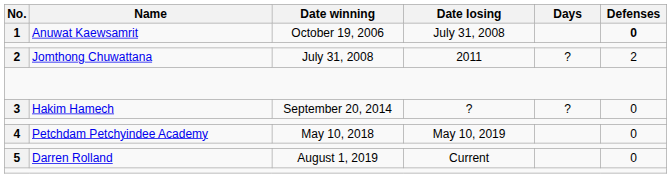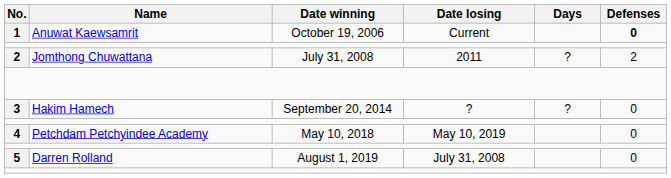 <table class="wikitable" width=100%>
 <tr>
 <th style="width:1%;">No.</th>
 <th style="width:37%;">Name</th>
 <th style="width:20%;">Date winning</th>
 <th style="width:20%;">Date losing</th>
 <th data-sort-type="number" style="width:10%;">Days</th>
 <th data-sort-type="number" style="width:10%;">Defenses</th>
 </tr>
 <tr align=center>
 <th>1</th>
 <td align=left> <a href='#'>Anuwat Kaewsamrit</a></td>
 <td>October 19, 2006</td>
-<td>July 31, 2008</td>
+<td>Current</td>
 <td></td>
 <td><strong>0</strong></td>
 </tr>
 <tr>
 <td colspan="6"></td>
 </tr>
 <tr align=center>
 <th>2</th>
 <td align=left> <a href='#'>Jomthong Chuwattana</a></td>
 <td>July 31, 2008</td>
 <td>2011</td>
 <td>?</td>
 <td>2</td>
 </tr>
 <tr>
 <td colspan="6"><br><br></td>
 </tr>
 <tr align=center>
 <th>3</th>
 <td align=left> <a href='#'>Hakim Hamech</a></td>
 <td>September 20, 2014</td>
 <td>?</td>
 <td>?</td>
 <td>0</td>
 </tr>
 <tr>
 <td colspan="6"></td>
 </tr>
 <tr align=center>
 <th>4</th>
 <td align=left> <a href='#'>Petchdam Petchyindee Academy</a></td>
 <td>May 10, 2018</td>
 <td>May 10, 2019</td>
 <td></td>
 <td>0</td>
 </tr>
 <tr>
 <td colspan="6"></td>
 </tr>
 <tr align=center>
 <th>5</th>
 <td align=left> <a href='#'>Darren Rolland</a></td>
 <td>August 1, 2019</td>
-<td>Current</td>
+<td>July 31, 2008</td>
 <td></td>
 <td>0</td>
 </tr>
 <tr>
 <td colspan="6"></td>
 </tr>
 </table>
